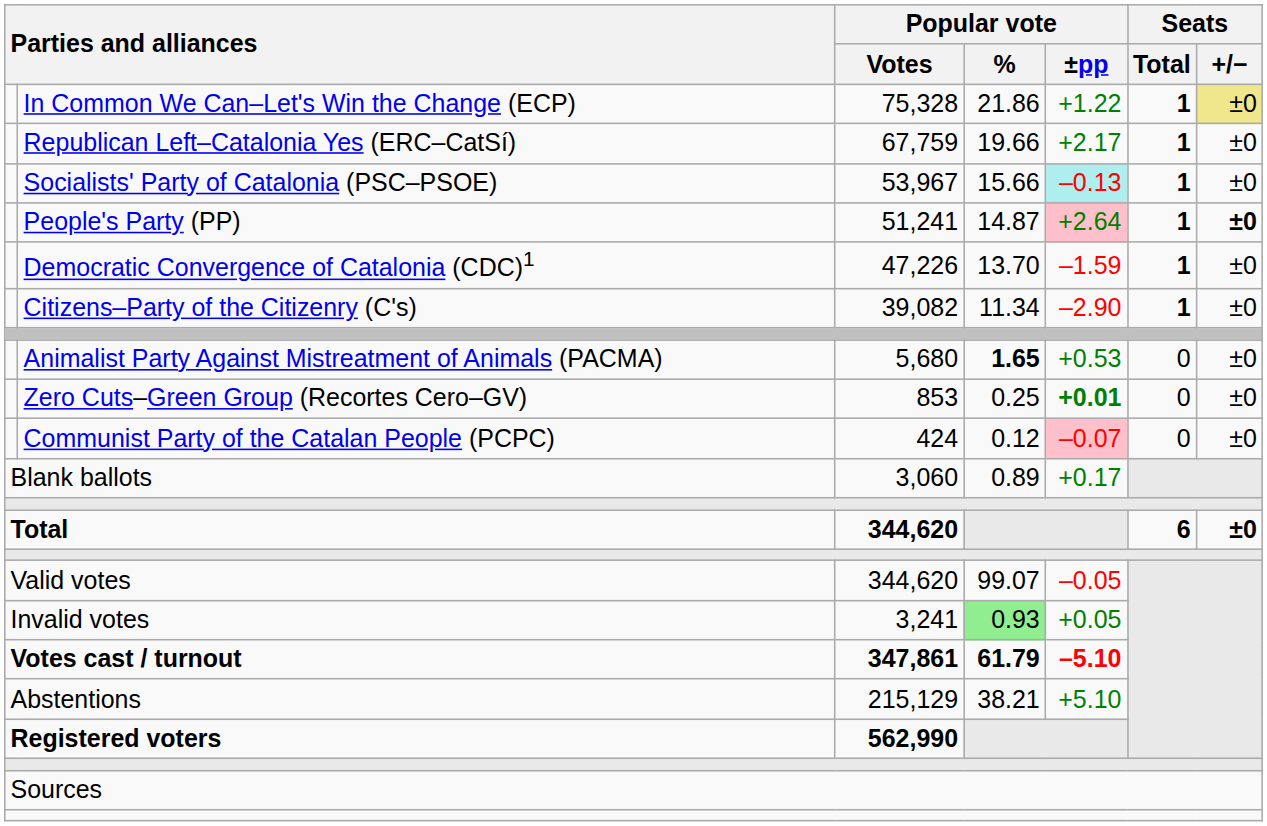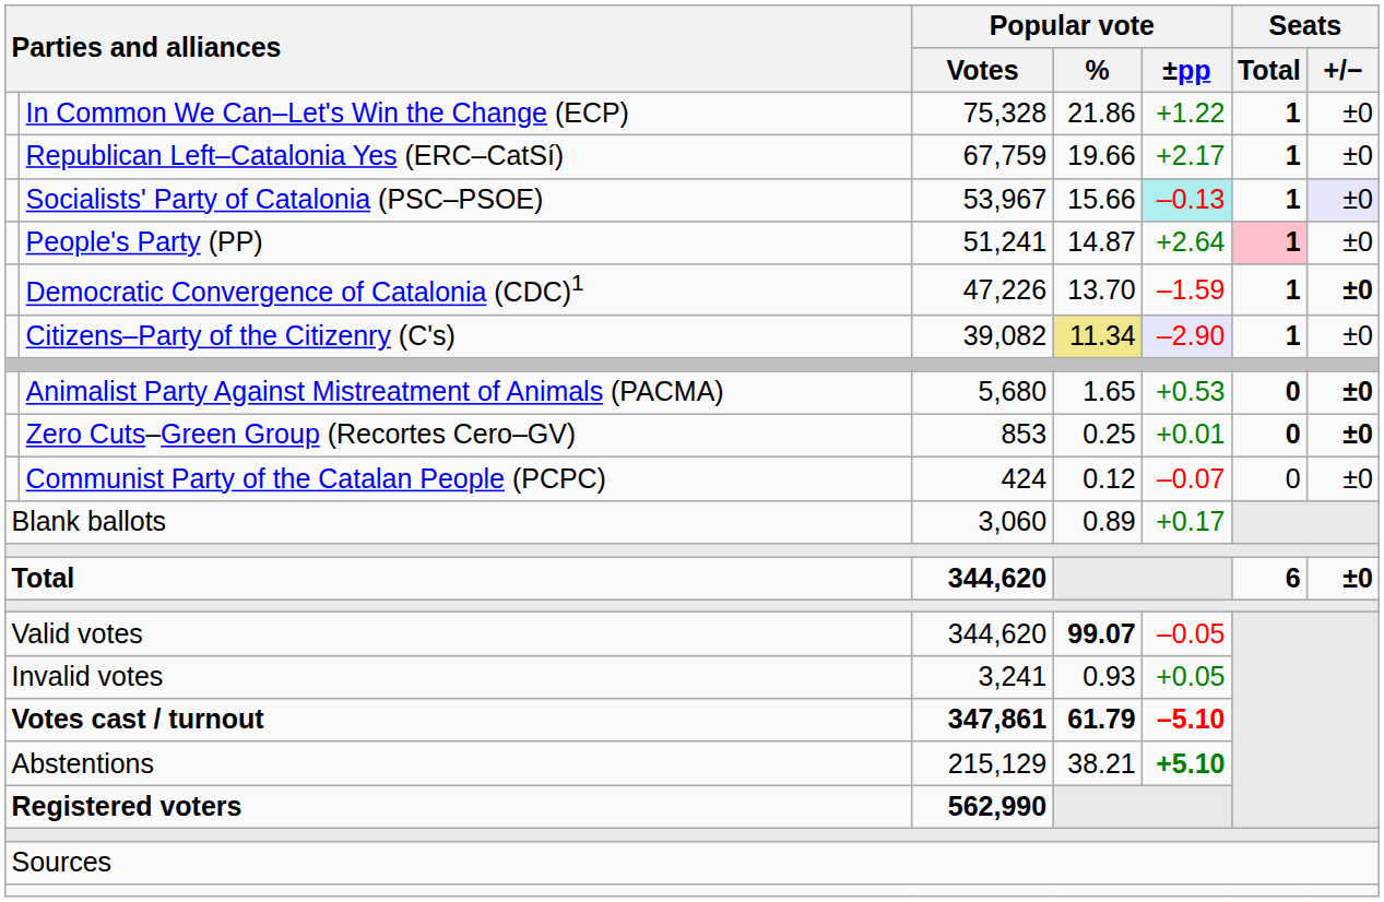 <table class="wikitable" style="text-align:right;">
 <tr>
 <th style="text-align:left;" rowspan="2" colspan="2" width="525">Parties and alliances</th>
 <th colspan="3">Popular vote</th>
 <th colspan="2">Seats</th>
 </tr>
 <tr>
 <th width="75">Votes</th>
 <th width="45">%</th>
 <th width="45">±<a href='#'>pp</a></th>
 <th width="35">Total</th>
 <th width="35">+/−</th>
 </tr>
 <tr>
 <td width="1" style="color:inherit;background:"></td>
 <td align="left"><a href='#'>In Common We Can–Let's Win the Change</a> (ECP)</td>
 <td>75,328</td>
 <td>21.86</td>
 <td style="color:green;">+1.22</td>
 <td><strong>1</strong></td>
-<td style="background: khaki;">±0</td>
+<td>±0</td>
 </tr>
 <tr>
 <td style="color:inherit;background:"></td>
 <td align="left"><a href='#'>Republican Left–Catalonia Yes</a> (ERC–CatSí)</td>
 <td>67,759</td>
 <td>19.66</td>
 <td style="color:green;">+2.17</td>
 <td><strong>1</strong></td>
 <td>±0</td>
 </tr>
 <tr>
 <td style="color:inherit;background:"></td>
 <td align="left"><a href='#'>Socialists' Party of Catalonia</a> (PSC–PSOE)</td>
 <td>53,967</td>
 <td>15.66</td>
 <td style="background: paleturquoise; color:red;">–0.13</td>
 <td><strong>1</strong></td>
-<td>±0</td>
+<td style="background: lavender;">±0</td>
 </tr>
 <tr>
 <td style="color:inherit;background:"></td>
 <td align="left"><a href='#'>People's Party</a> (PP)</td>
 <td>51,241</td>
 <td>14.87</td>
-<td style="background: pink; color:green;">+2.64</td>
-<td><strong>1</strong></td>
-<td><strong>±0</strong></td>
+<td style="color:green;">+2.64</td>
+<td style="background: pink;"><strong>1</strong></td>
+<td>±0</td>
 </tr>
 <tr>
 <td style="color:inherit;background:"></td>
 <td align="left"><a href='#'>Democratic Convergence of Catalonia</a> (CDC)<sup>1</sup></td>
 <td>47,226</td>
 <td>13.70</td>
 <td style="color:red;">–1.59</td>
 <td><strong>1</strong></td>
-<td>±0</td>
+<td><strong>±0</strong></td>
 </tr>
 <tr>
 <td style="color:inherit;background:"></td>
 <td align="left"><a href='#'>Citizens–Party of the Citizenry</a> (C's)</td>
 <td>39,082</td>
-<td>11.34</td>
-<td style="color:red;">–2.90</td>
+<td style="background: khaki;">11.34</td>
+<td style="background: lavender; color:red;">–2.90</td>
 <td><strong>1</strong></td>
 <td>±0</td>
 </tr>
 <tr>
 <td colspan="7" bgcolor="#C0C0C0"></td>
 </tr>
 <tr>
 <td style="color:inherit;background:"></td>
 <td align="left"><a href='#'>Animalist Party Against Mistreatment of Animals</a> (PACMA)</td>
 <td>5,680</td>
-<td><strong>1.65</strong></td>
+<td>1.65</td>
 <td style="color:green;">+0.53</td>
-<td>0</td>
-<td>±0</td>
+<td><strong>0</strong></td>
+<td><strong>±0</strong></td>
 </tr>
 <tr>
 <td style="color:inherit;background:"></td>
 <td align="left"><a href='#'>Zero Cuts</a>–<a href='#'>Green Group</a> (Recortes Cero–GV)</td>
 <td>853</td>
 <td>0.25</td>
-<td style="color:green;"><strong>+0.01</strong></td>
-<td>0</td>
-<td>±0</td>
+<td style="color:green;">+0.01</td>
+<td><strong>0</strong></td>
+<td><strong>±0</strong></td>
 </tr>
 <tr>
 <td style="color:inherit;background:"></td>
 <td align="left"><a href='#'>Communist Party of the Catalan People</a> (PCPC)</td>
 <td>424</td>
 <td>0.12</td>
-<td style="background: pink; color:red;">–0.07</td>
+<td style="color:red;">–0.07</td>
 <td>0</td>
 <td>±0</td>
 </tr>
 <tr>
 <td align="left" colspan="2">Blank ballots</td>
 <td>3,060</td>
 <td>0.89</td>
 <td style="color:green;">+0.17</td>
 <td bgcolor="#E9E9E9" colspan="2"></td>
 </tr>
 <tr>
 <td colspan="7" bgcolor="#E9E9E9"></td>
 </tr>
 <tr style="font-weight:bold;">
 <td align="left" colspan="2">Total</td>
 <td>344,620</td>
 <td bgcolor="#E9E9E9" colspan="2"></td>
 <td>6</td>
 <td>±0</td>
 </tr>
 <tr>
 <td colspan="7" bgcolor="#E9E9E9"></td>
 </tr>
 <tr>
 <td align="left" colspan="2">Valid votes</td>
 <td>344,620</td>
-<td>99.07</td>
+<td><strong>99.07</strong></td>
 <td style="color:red;">–0.05</td>
 <td bgcolor="#E9E9E9" colspan="2" rowspan="5"></td>
 </tr>
 <tr>
 <td align="left" colspan="2">Invalid votes</td>
 <td>3,241</td>
-<td style="background: lightgreen;">0.93</td>
+<td>0.93</td>
 <td style="color:green;">+0.05</td>
 </tr>
 <tr style="font-weight:bold;">
 <td align="left" colspan="2">Votes cast / turnout</td>
 <td>347,861</td>
 <td>61.79</td>
 <td style="color:red;">–5.10</td>
 </tr>
 <tr>
 <td align="left" colspan="2">Abstentions</td>
 <td>215,129</td>
 <td>38.21</td>
-<td style="color:green;">+5.10</td>
+<td style="color:green;"><strong>+5.10</strong></td>
 </tr>
 <tr style="font-weight:bold;">
 <td align="left" colspan="2">Registered voters</td>
 <td>562,990</td>
 <td bgcolor="#E9E9E9" colspan="2"></td>
 </tr>
 <tr>
 <td colspan="7" bgcolor="#E9E9E9"></td>
 </tr>
 <tr>
 <td align="left" colspan="7">Sources</td>
 </tr>
 <tr>
 <td colspan="7" style="text-align:left; max-width:790px;"></td>
 </tr>
 </table>
